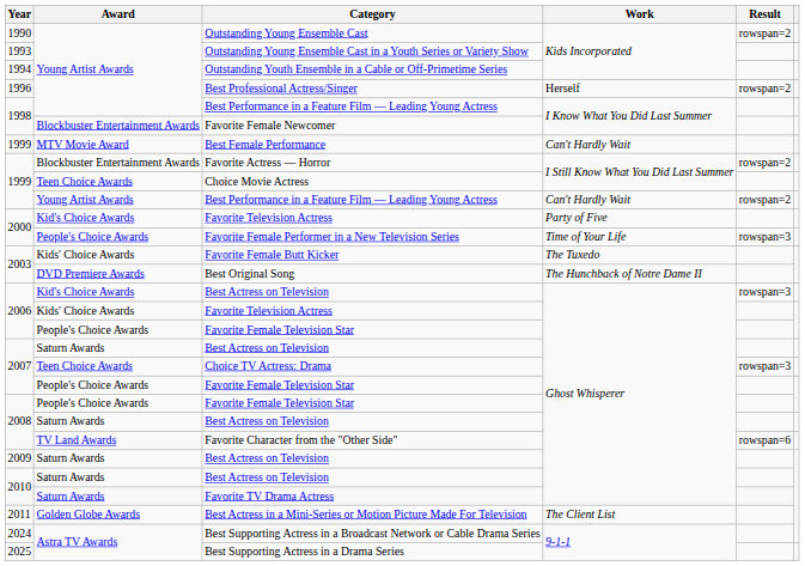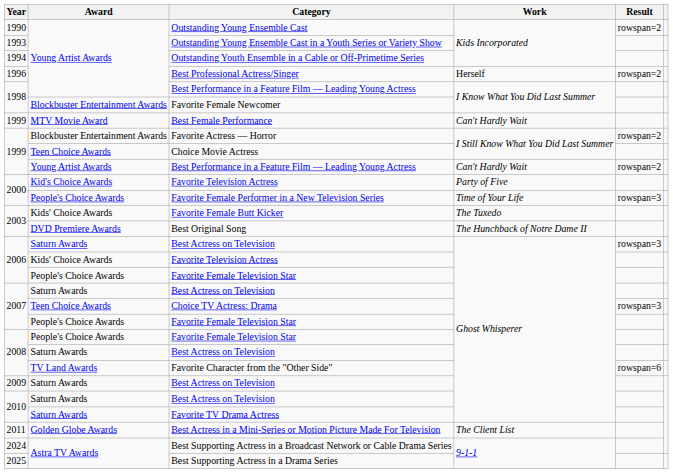 <table class="wikitable sortable">
 <tr>
 <th>Year</th>
 <th>Award</th>
 <th>Category</th>
 <th>Work</th>
 <th>Result</th>
 <th class="unsortable"></th>
 </tr>
 <tr>
 <td>1990</td>
 <td rowspan=5><a href='#'>Young Artist Awards</a></td>
 <td><a href='#'>Outstanding Young Ensemble Cast</a></td>
 <td rowspan=3><em>Kids Incorporated</em></td>
 <td>rowspan=2 </td>
 <td></td>
 </tr>
 <tr>
 <td>1993</td>
 <td><a href='#'>Outstanding Young Ensemble Cast in a Youth Series or Variety Show</a></td>
 <td></td>
 </tr>
 <tr>
 <td>1994</td>
 <td><a href='#'>Outstanding Youth Ensemble in a Cable or Off-Primetime Series</a></td>
 <td></td>
 <td></td>
 </tr>
 <tr>
 <td>1996</td>
 <td><a href='#'>Best Professional Actress/Singer</a></td>
 <td>Herself</td>
 <td>rowspan=2 </td>
 <td style="text-align:center;"></td>
 </tr>
 <tr>
 <td rowspan=2>1998</td>
 <td><a href='#'>Best Performance in a Feature Film — Leading Young Actress</a></td>
 <td rowspan=2><em>I Know What You Did Last Summer</em></td>
 <td></td>
 </tr>
 <tr>
 <td><a href='#'>Blockbuster Entertainment Awards</a></td>
 <td>Favorite Female Newcomer</td>
 <td></td>
 <td style="text-align:center;"></td>
 </tr>
 <tr>
 <td>1999</td>
 <td><a href='#'>MTV Movie Award</a></td>
 <td><a href='#'>Best Female Performance</a></td>
 <td><em>Can't Hardly Wait</em></td>
 <td></td>
 <td></td>
 </tr>
 <tr>
 <td rowspan=3>1999</td>
 <td>Blockbuster Entertainment Awards</td>
 <td>Favorite Actress — Horror</td>
 <td rowspan=2><em>I Still Know What You Did Last Summer</em></td>
 <td>rowspan=2 </td>
 <td style="text-align:center;"></td>
 </tr>
 <tr>
 <td><a href='#'>Teen Choice Awards</a></td>
 <td>Choice Movie Actress</td>
 <td style="text-align:center;"></td>
 </tr>
 <tr>
 <td><a href='#'>Young Artist Awards</a></td>
 <td><a href='#'>Best Performance in a Feature Film — Leading Young Actress</a></td>
 <td><em>Can't Hardly Wait</em></td>
 <td>rowspan=2 </td>
 <td style="text-align:center;"></td>
 </tr>
 <tr>
 <td rowspan=2>2000</td>
 <td><a href='#'>Kid's Choice Awards</a></td>
 <td><a href='#'>Favorite Television Actress</a></td>
 <td><em>Party of Five</em></td>
 <td></td>
 </tr>
 <tr>
 <td><a href='#'>People's Choice Awards</a></td>
 <td><a href='#'>Favorite Female Performer in a New Television Series</a></td>
 <td><em>Time of Your Life</em></td>
 <td>rowspan=3 </td>
 <td style="text-align:center;"></td>
 </tr>
 <tr>
 <td rowspan=2>2003</td>
 <td>Kids' Choice Awards</td>
 <td><a href='#'>Favorite Female Butt Kicker</a></td>
 <td><em>The Tuxedo</em></td>
 <td style="text-align:center;"></td>
 </tr>
 <tr>
 <td><a href='#'>DVD Premiere Awards</a></td>
 <td>Best Original Song</td>
 <td><em>The Hunchback of Notre Dame II</em></td>
 <td style="text-align:center;"></td>
 </tr>
 <tr>
 <td rowspan=3>2006</td>
-<td><a href='#'>Kid's Choice Awards</a></td>
+<td><a href='#'>Saturn Awards</a></td>
 <td><a href='#'>Best Actress on Television</a></td>
 <td rowspan=12><em>Ghost Whisperer</em></td>
 <td>rowspan=3 </td>
 <td></td>
 </tr>
 <tr>
 <td>Kids' Choice Awards</td>
 <td><a href='#'>Favorite Television Actress</a></td>
 <td></td>
 </tr>
 <tr>
 <td>People's Choice Awards</td>
 <td><a href='#'>Favorite Female Television Star</a></td>
 <td></td>
 </tr>
 <tr>
 <td rowspan=3>2007</td>
 <td>Saturn Awards</td>
 <td><a href='#'>Best Actress on Television</a></td>
 <td></td>
 <td style="text-align:center;"></td>
 </tr>
 <tr>
 <td><a href='#'>Teen Choice Awards</a></td>
 <td><a href='#'>Choice TV Actress: Drama</a></td>
 <td>rowspan=3 </td>
 <td></td>
 </tr>
 <tr>
 <td>People's Choice Awards</td>
 <td><a href='#'>Favorite Female Television Star</a></td>
 <td></td>
 </tr>
 <tr>
 <td rowspan=3>2008</td>
 <td>People's Choice Awards</td>
 <td><a href='#'>Favorite Female Television Star</a></td>
 <td></td>
 </tr>
 <tr>
 <td>Saturn Awards</td>
 <td><a href='#'>Best Actress on Television</a></td>
 <td></td>
 <td style="text-align:center;"></td>
 </tr>
 <tr>
 <td><a href='#'>TV Land Awards</a></td>
 <td>Favorite Character from the "Other Side"</td>
 <td>rowspan=6 </td>
 <td></td>
 </tr>
 <tr>
 <td>2009</td>
 <td>Saturn Awards</td>
 <td><a href='#'>Best Actress on Television</a></td>
 <td></td>
 </tr>
 <tr>
 <td rowspan=2>2010</td>
 <td>Saturn Awards</td>
 <td><a href='#'>Best Actress on Television</a></td>
 <td></td>
 </tr>
 <tr>
 <td><a href='#'>Saturn Awards</a></td>
 <td><a href='#'>Favorite TV Drama Actress</a></td>
 <td></td>
 </tr>
 <tr>
 <td>2011</td>
 <td><a href='#'>Golden Globe Awards</a></td>
 <td><a href='#'>Best Actress in a Mini-Series or Motion Picture Made For Television</a></td>
 <td><em>The Client List</em></td>
 <td style="text-align:center;"></td>
 </tr>
 <tr>
 <td>2024</td>
 <td rowspan="2"><a href='#'>Astra TV Awards</a></td>
 <td>Best Supporting Actress in a Broadcast Network or Cable Drama Series</td>
 <td rowspan="2"><a href='#'><em>9-1-1</em></a></td>
 <td></td>
 </tr>
 <tr>
 <td>2025</td>
 <td>Best Supporting Actress in a Drama Series</td>
 <td></td>
 <td></td>
 </tr>
 </table>
